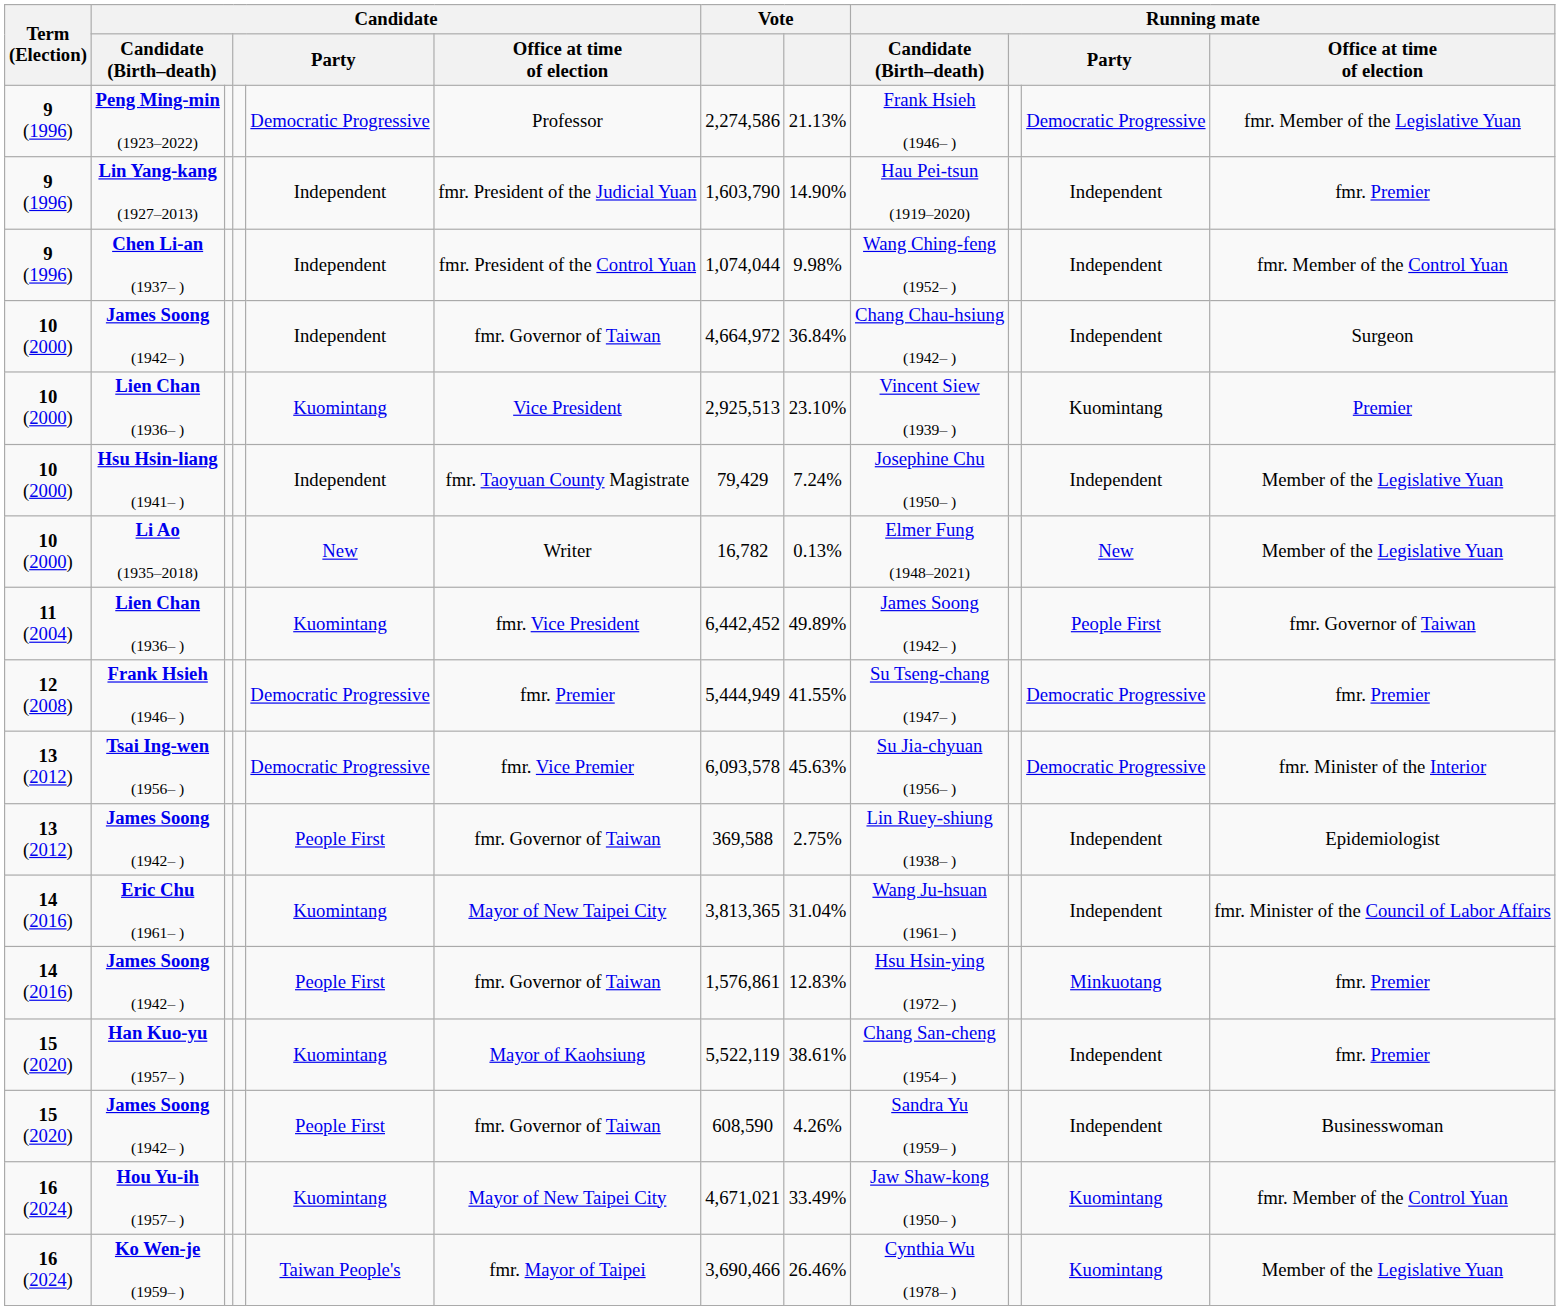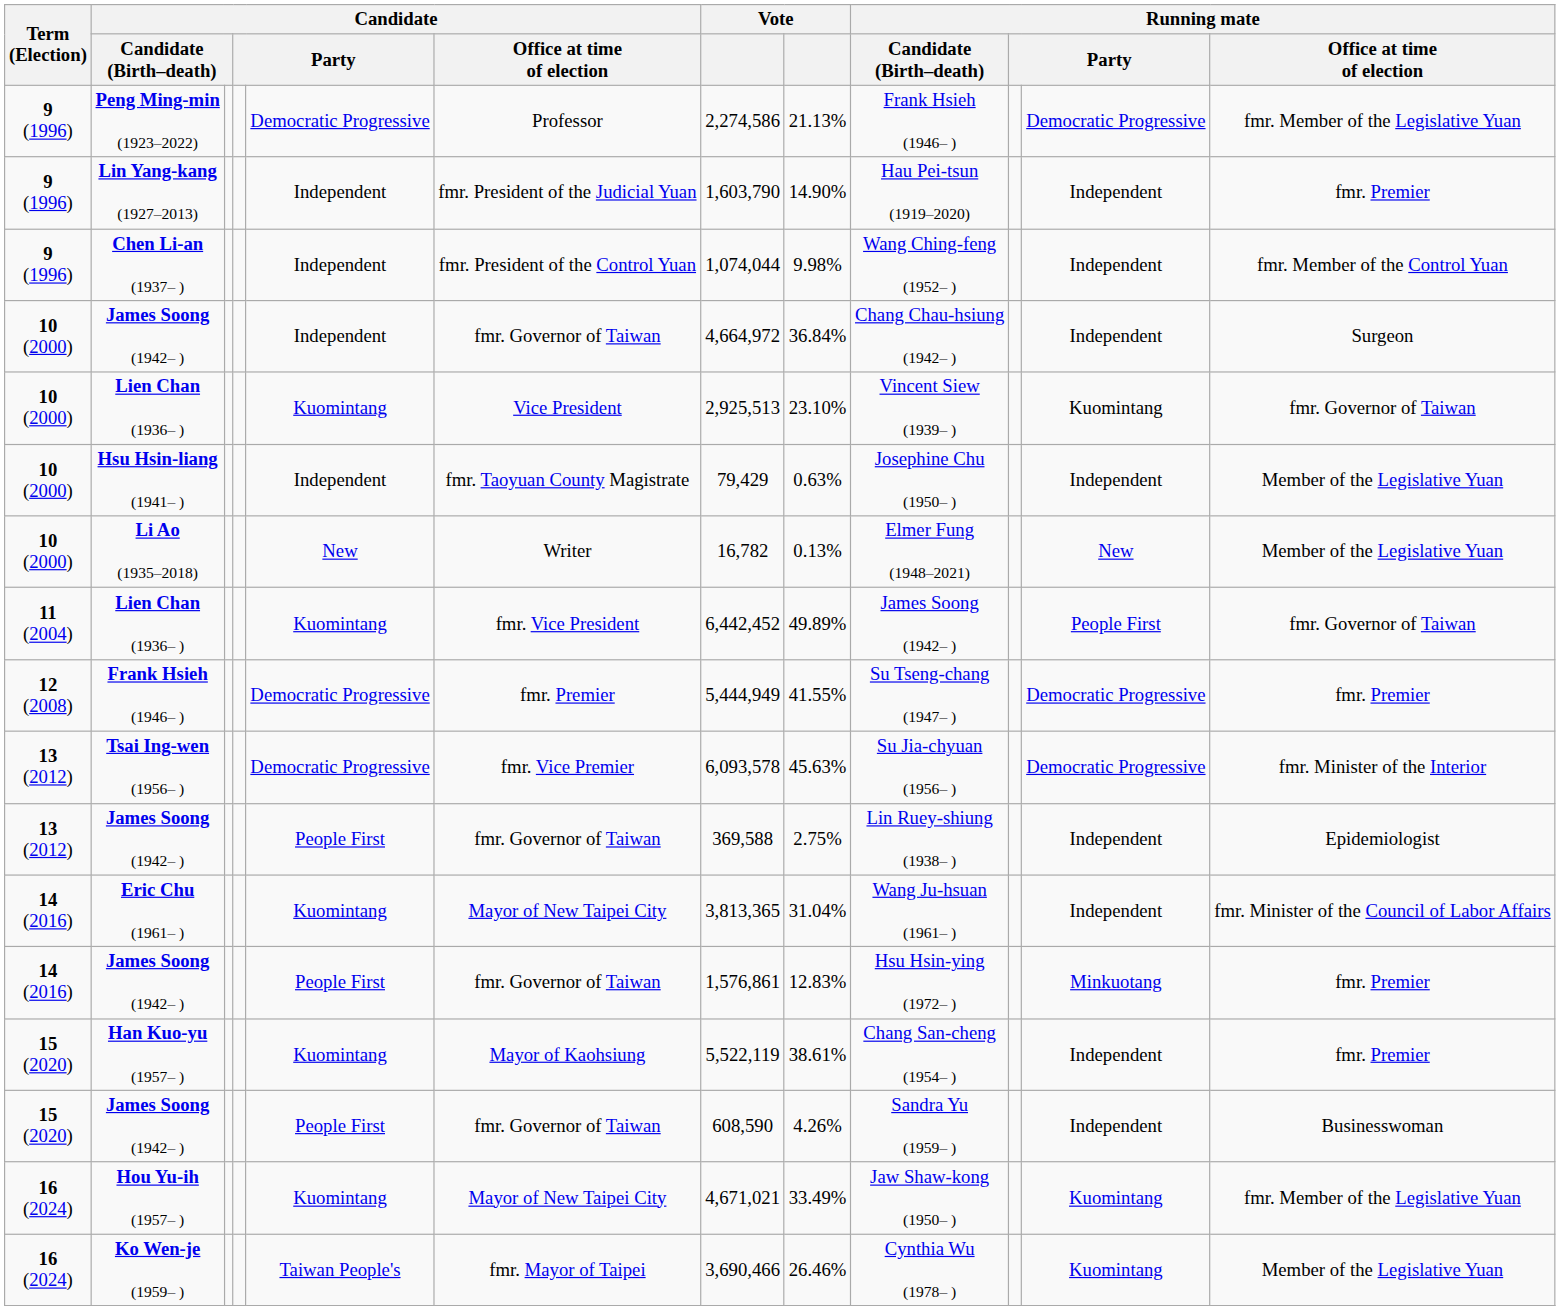 <table class="wikitable sortable" style="text-align:center;">
 <tr>
 <th rowspan=2>Term<br>(Election)</th>
 <th colspan=5>Candidate</th>
 <th colspan=2>Vote</th>
 <th colspan=4>Running mate</th>
 </tr>
 <tr>
 <th colspan=2>Candidate<br>(Birth–death)</th>
 <th colspan=2>Party</th>
 <th>Office at time<br>of election</th>
 <th data-sort-type="number"></th>
 <th data-sort-type="number"></th>
 <th>Candidate<br>(Birth–death)</th>
 <th colspan=2>Party</th>
 <th>Office at time<br>of election</th>
 </tr>
 <tr>
 <td data-sort-value= "09"><strong>9</strong><br>(<a href='#'>1996</a>)</td>
 <td data-sort-value= "Peng"><strong><a href='#'>Peng Ming-min</a></strong><br><br><small>(1923–2022)</small></td>
 <td></td>
 <td style="background-color:"> </td>
 <td data-sort-value="DPP"><a href='#'>Democratic Progressive</a></td>
 <td data-sort-value="professor">Professor</td>
 <td>2,274,586</td>
 <td>21.13%</td>
 <td data-sort-value= "Hsieh"><a href='#'>Frank Hsieh</a><br><br><small>(1946– )</small></td>
 <td style="background-color:"> </td>
 <td data-sort-value="DPP"><a href='#'>Democratic Progressive</a></td>
 <td data-sort-value="Legislative Yuan">fmr. Member of the <a href='#'>Legislative Yuan</a></td>
 </tr>
 <tr>
 <td data-sort-value= "09"><strong>9</strong><br>(<a href='#'>1996</a>)</td>
 <td data-sort-value= "Lin"><strong><a href='#'>Lin Yang-kang</a></strong><br><br><small>(1927–2013)</small></td>
 <td></td>
 <td style="background-color:"> </td>
 <td data-sort-value="I">Independent</td>
 <td data-sort-value="PJY">fmr. President of the <a href='#'>Judicial Yuan</a></td>
 <td>1,603,790</td>
 <td>14.90%</td>
 <td data-sort-value= "Hau"><a href='#'>Hau Pei-tsun</a><br><br><small>(1919–2020)</small></td>
 <td style="background-color:"> </td>
 <td data-sort-value="I">Independent</td>
 <td data-sort-value="premier">fmr. <a href='#'>Premier</a></td>
 </tr>
 <tr>
 <td data-sort-value= "09"><strong>9</strong><br>(<a href='#'>1996</a>)</td>
 <td data-sort-value= "Chen"><strong><a href='#'>Chen Li-an</a></strong><br><br><small>(1937– )</small></td>
 <td></td>
 <td style="background-color:"> </td>
 <td data-sort-value="I">Independent</td>
 <td data-sort-value="PCY">fmr. President of the <a href='#'>Control Yuan</a></td>
 <td>1,074,044</td>
 <td>9.98%</td>
 <td data-sort-value= "Wang"><a href='#'>Wang Ching-feng</a><br><br><small>(1952– )</small></td>
 <td style="background-color:"> </td>
 <td data-sort-value="I">Independent</td>
 <td data-sort-value="Control Yuan">fmr. Member of the <a href='#'>Control Yuan</a></td>
 </tr>
 <tr>
 <td data-sort-value= "10"><strong>10</strong><br>(<a href='#'>2000</a>)</td>
 <td data-sort-value= "Soong"><strong><a href='#'>James Soong</a></strong><br><br><small>(1942– )</small></td>
 <td></td>
 <td style="background-color:"> </td>
 <td data-sort-value="I">Independent</td>
 <td data-sort-value="Governor">fmr. Governor of <a href='#'>Taiwan</a></td>
 <td>4,664,972</td>
 <td>36.84%</td>
 <td data-sort-value= "Chang"><a href='#'>Chang Chau-hsiung</a><br><br><small>(1942– )</small></td>
 <td style="background-color:"> </td>
 <td data-sort-value="I">Independent</td>
 <td data-sort-value="surgeon">Surgeon</td>
 </tr>
 <tr>
 <td data-sort-value= "10"><strong>10</strong><br>(<a href='#'>2000</a>)</td>
 <td data-sort-value= "Lien"><strong><a href='#'>Lien Chan</a></strong><br><br><small>(1936– )</small></td>
 <td></td>
 <td style="background-color:"> </td>
 <td data-sort-value="K"><a href='#'>Kuomintang</a></td>
 <td data-sort-value="VP"><a href='#'>Vice President</a></td>
 <td>2,925,513</td>
 <td>23.10%</td>
 <td data-sort-value= "Siew"><a href='#'>Vincent Siew</a><br><br><small>(1939– )</small></td>
 <td style="background-color:"> </td>
 <td data-sort-value="K">Kuomintang</td>
-<td data-sort-value="premier"><a href='#'>Premier</a></td>
+<td data-sort-value="Governor">fmr. Governor of <a href='#'>Taiwan</a></td>
 </tr>
 <tr>
 <td data-sort-value= "10"><strong>10</strong><br>(<a href='#'>2000</a>)</td>
 <td data-sort-value= "Hsu"><strong><a href='#'>Hsu Hsin-liang</a></strong><br><br><small>(1941– )</small></td>
 <td></td>
 <td style="background-color:"> </td>
 <td data-sort-value="I">Independent</td>
 <td data-sort-value="Magistrate">fmr. <a href='#'>Taoyuan County</a> Magistrate</td>
 <td>79,429</td>
-<td>7.24%</td>
+<td>0.63%</td>
 <td data-sort-value= "Chu"><a href='#'>Josephine Chu</a><br><br><small>(1950– )</small></td>
 <td style="background-color:"> </td>
 <td data-sort-value="I">Independent</td>
 <td data-sort-value="Legislative Yuan">Member of the <a href='#'>Legislative Yuan</a></td>
 </tr>
 <tr>
 <td data-sort-value= "10"><strong>10</strong><br>(<a href='#'>2000</a>)</td>
 <td data-sort-value= "Li"><strong><a href='#'>Li Ao</a></strong><br><br><small>(1935–2018)</small></td>
 <td></td>
 <td style="background-color:"> </td>
 <td data-sort-value="NP"><a href='#'>New</a></td>
 <td data-sort-value="writer">Writer</td>
 <td>16,782</td>
 <td>0.13%</td>
 <td data-sort-value= "Fung"><a href='#'>Elmer Fung</a><br><br><small>(1948–2021)</small></td>
 <td style="background-color:"> </td>
 <td data-sort-value="NP"><a href='#'>New</a></td>
 <td data-sort-value="Legislative Yuan">Member of the <a href='#'>Legislative Yuan</a></td>
 </tr>
 <tr>
 <td data-sort-value= "11"><strong>11</strong><br>(<a href='#'>2004</a>)</td>
 <td data-sort-value= "Lien"><strong><a href='#'>Lien Chan</a></strong><br><br><small>(1936– )</small></td>
 <td></td>
 <td style="background-color:"> </td>
 <td data-sort-value="K"><a href='#'>Kuomintang</a></td>
 <td data-sort-value="VP">fmr. <a href='#'>Vice President</a></td>
 <td>6,442,452</td>
 <td>49.89%</td>
 <td data-sort-value= "Soong"><a href='#'>James Soong</a><br><br><small>(1942– )</small></td>
 <td style="background-color:"> </td>
 <td data-sort-value="PFP"><a href='#'>People First</a></td>
 <td data-sort-value="Governor">fmr. Governor of <a href='#'>Taiwan</a></td>
 </tr>
 <tr>
 <td data-sort-value= "12"><strong>12</strong><br>(<a href='#'>2008</a>)</td>
 <td data-sort-value= "Hsieh"><strong><a href='#'>Frank Hsieh</a></strong><br><br><small>(1946– )</small></td>
 <td></td>
 <td style="background-color:"> </td>
 <td data-sort-value="DPP"><a href='#'>Democratic Progressive</a></td>
 <td data-sort-value="premier">fmr. <a href='#'>Premier</a></td>
 <td>5,444,949</td>
 <td>41.55%</td>
 <td data-sort-value= "Su Tseng-chang"><a href='#'>Su Tseng-chang</a><br><br><small>(1947– )</small></td>
 <td style="background-color:"> </td>
 <td data-sort-value="DPP"><a href='#'>Democratic Progressive</a></td>
 <td data-sort-value="premier">fmr. <a href='#'>Premier</a></td>
 </tr>
 <tr>
 <td data-sort-value= "13"><strong>13</strong><br>(<a href='#'>2012</a>)</td>
 <td data-sort-value= "Tsai"><strong><a href='#'>Tsai Ing-wen</a></strong><br><br><small>(1956– )</small></td>
 <td></td>
 <td style="background-color:"> </td>
 <td data-sort-value="DPP"><a href='#'>Democratic Progressive</a></td>
 <td data-sort-value="vice premier">fmr. <a href='#'>Vice Premier</a></td>
 <td>6,093,578</td>
 <td>45.63%</td>
 <td data-sort-value= "Su Jia-chyuan"><a href='#'>Su Jia-chyuan</a><br><br><small>(1956– )</small></td>
 <td style="background-color:"> </td>
 <td data-sort-value="DPP"><a href='#'>Democratic Progressive</a></td>
 <td data-sort-value="Minister">fmr. Minister of the <a href='#'>Interior</a></td>
 </tr>
 <tr>
 <td data-sort-value= "13"><strong>13</strong><br>(<a href='#'>2012</a>)</td>
 <td data-sort-value= "Soong"><strong><a href='#'>James Soong</a></strong><br><br><small>(1942– )</small></td>
 <td></td>
 <td style="background-color:"> </td>
 <td data-sort-value="PFP"><a href='#'>People First</a></td>
 <td data-sort-value="Governor">fmr. Governor of <a href='#'>Taiwan</a></td>
 <td>369,588</td>
 <td>2.75%</td>
 <td data-sort-value= "Lin"><a href='#'>Lin Ruey-shiung</a><br><br><small>(1938– )</small></td>
 <td style="background-color:"> </td>
 <td data-sort-value="I">Independent</td>
 <td data-sort-value="epidemiologist">Epidemiologist</td>
 </tr>
 <tr>
 <td data-sort-value= "14"><strong>14</strong><br>(<a href='#'>2016</a>)</td>
 <td data-sort-value= "Chu"><strong><a href='#'>Eric Chu</a></strong><br><br><small>(1961– )</small></td>
 <td></td>
 <td style="background-color:"> </td>
 <td data-sort-value="K"><a href='#'>Kuomintang</a></td>
 <td data-sort-value="mayor NTPC"><a href='#'>Mayor of New Taipei City</a></td>
 <td>3,813,365</td>
 <td>31.04%</td>
 <td data-sort-value= "Wang Ju-hsuan"><a href='#'>Wang Ju-hsuan</a><br><br><small>(1961– )</small></td>
 <td style="background-color:"> </td>
 <td data-sort-value="I">Independent</td>
 <td data-sort-value="Minister">fmr. Minister of the <a href='#'>Council of Labor Affairs</a></td>
 </tr>
 <tr>
 <td data-sort-value= "14"><strong>14</strong><br>(<a href='#'>2016</a>)</td>
 <td data-sort-value= "Soong"><strong><a href='#'>James Soong</a></strong><br><br><small>(1942– )</small></td>
 <td></td>
 <td style="background-color:"> </td>
 <td data-sort-value="PFP"><a href='#'>People First</a></td>
 <td data-sort-value="Governor">fmr. Governor of <a href='#'>Taiwan</a></td>
 <td>1,576,861</td>
 <td>12.83%</td>
 <td data-sort-value= "Hsu"><a href='#'>Hsu Hsin-ying</a><br><br><small>(1972– )</small></td>
 <td style="background-color:"> </td>
 <td data-sort-value="MKT"><a href='#'>Minkuotang</a></td>
 <td data-sort-value="premier">fmr. <a href='#'>Premier</a></td>
 </tr>
 <tr>
 <td data-sort-value= "15"><strong>15</strong><br>(<a href='#'>2020</a>)</td>
 <td data-sort-value= "Han"><strong><a href='#'>Han Kuo-yu</a></strong><br><br><small>(1957– )</small></td>
 <td></td>
 <td style="background-color:"> </td>
 <td data-sort-value="K"><a href='#'>Kuomintang</a></td>
 <td data-sort-value="mayor KH"><a href='#'>Mayor of Kaohsiung</a></td>
 <td>5,522,119</td>
 <td>38.61%</td>
 <td data-sort-value= "Chang San-cheng"><a href='#'>Chang San-cheng</a><br><br><small>(1954– )</small></td>
 <td style="background-color:"> </td>
 <td data-sort-value="I">Independent</td>
 <td data-sort-value="premier">fmr. <a href='#'>Premier</a></td>
 </tr>
 <tr>
 <td data-sort-value= "15"><strong>15</strong><br>(<a href='#'>2020</a>)</td>
 <td data-sort-value= "Soong"><strong><a href='#'>James Soong</a></strong><br><br><small>(1942– )</small></td>
 <td></td>
 <td style="background-color:"> </td>
 <td data-sort-value="PFP"><a href='#'>People First</a></td>
 <td data-sort-value="Governor">fmr. Governor of <a href='#'>Taiwan</a></td>
 <td>608,590</td>
 <td>4.26%</td>
 <td data-sort-value= "Yu"><a href='#'>Sandra Yu</a><br><br><small>(1959– )</small></td>
 <td style="background-color:"> </td>
 <td data-sort-value="I">Independent</td>
 <td data-sort-value="business">Businesswoman</td>
 </tr>
 <tr>
 <td data-sort-value= "16"><strong>16</strong><br>(<a href='#'>2024</a>)</td>
 <td data-sort-value= "Hou"><strong><a href='#'>Hou Yu-ih</a></strong><br><br><small>(1957– )</small></td>
 <td></td>
 <td style="background-color:"> </td>
 <td data-sort-value="K"><a href='#'>Kuomintang</a></td>
 <td data-sort-value="mayor NTPC"><a href='#'>Mayor of New Taipei City</a></td>
 <td>4,671,021</td>
 <td>33.49%</td>
 <td data-sort-value= "Jaw"><a href='#'>Jaw Shaw-kong</a><br><br><small>(1950– )</small></td>
 <td style="background-color:"> </td>
 <td data-sort-value="K"><a href='#'>Kuomintang</a></td>
-<td data-sort-value="Control Yuan">fmr. Member of the <a href='#'>Control Yuan</a></td>
+<td data-sort-value="Legislative Yuan">fmr. Member of the <a href='#'>Legislative Yuan</a></td>
 </tr>
 <tr>
 <td data-sort-value= "16"><strong>16</strong><br>(<a href='#'>2024</a>)</td>
 <td data-sort-value= "Ko"><strong><a href='#'>Ko Wen-je</a></strong><br><br><small>(1959– )</small></td>
 <td></td>
 <td style="background-color:"> </td>
 <td data-sort-value="TPP"><a href='#'>Taiwan People's</a></td>
 <td data-sort-value="Governor">fmr. <a href='#'>Mayor of Taipei</a></td>
 <td>3,690,466</td>
 <td>26.46%</td>
 <td data-sort-value= "Wu"><a href='#'>Cynthia Wu</a><br><br><small>(1978– )</small></td>
 <td style="background-color:"> </td>
 <td data-sort-value="K"><a href='#'>Kuomintang</a></td>
 <td data-sort-value="Legislative Yuan">Member of the <a href='#'>Legislative Yuan</a></td>
 </tr>
 <tr>
 </tr>
 </table>
